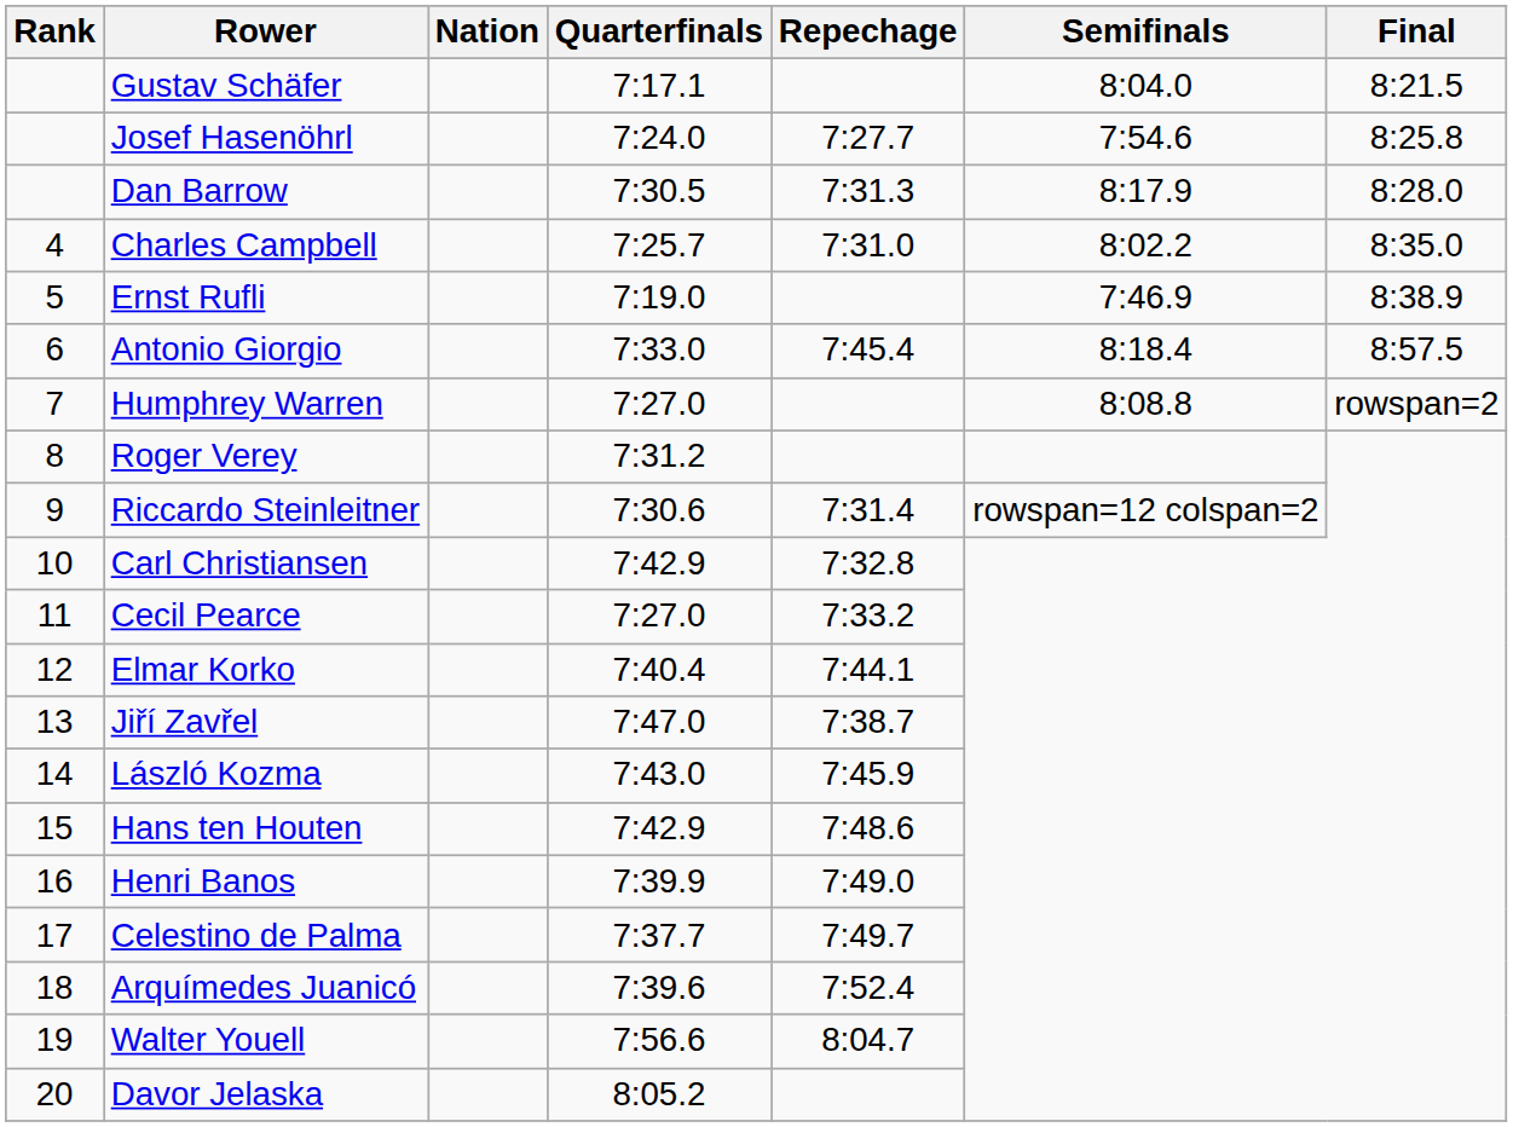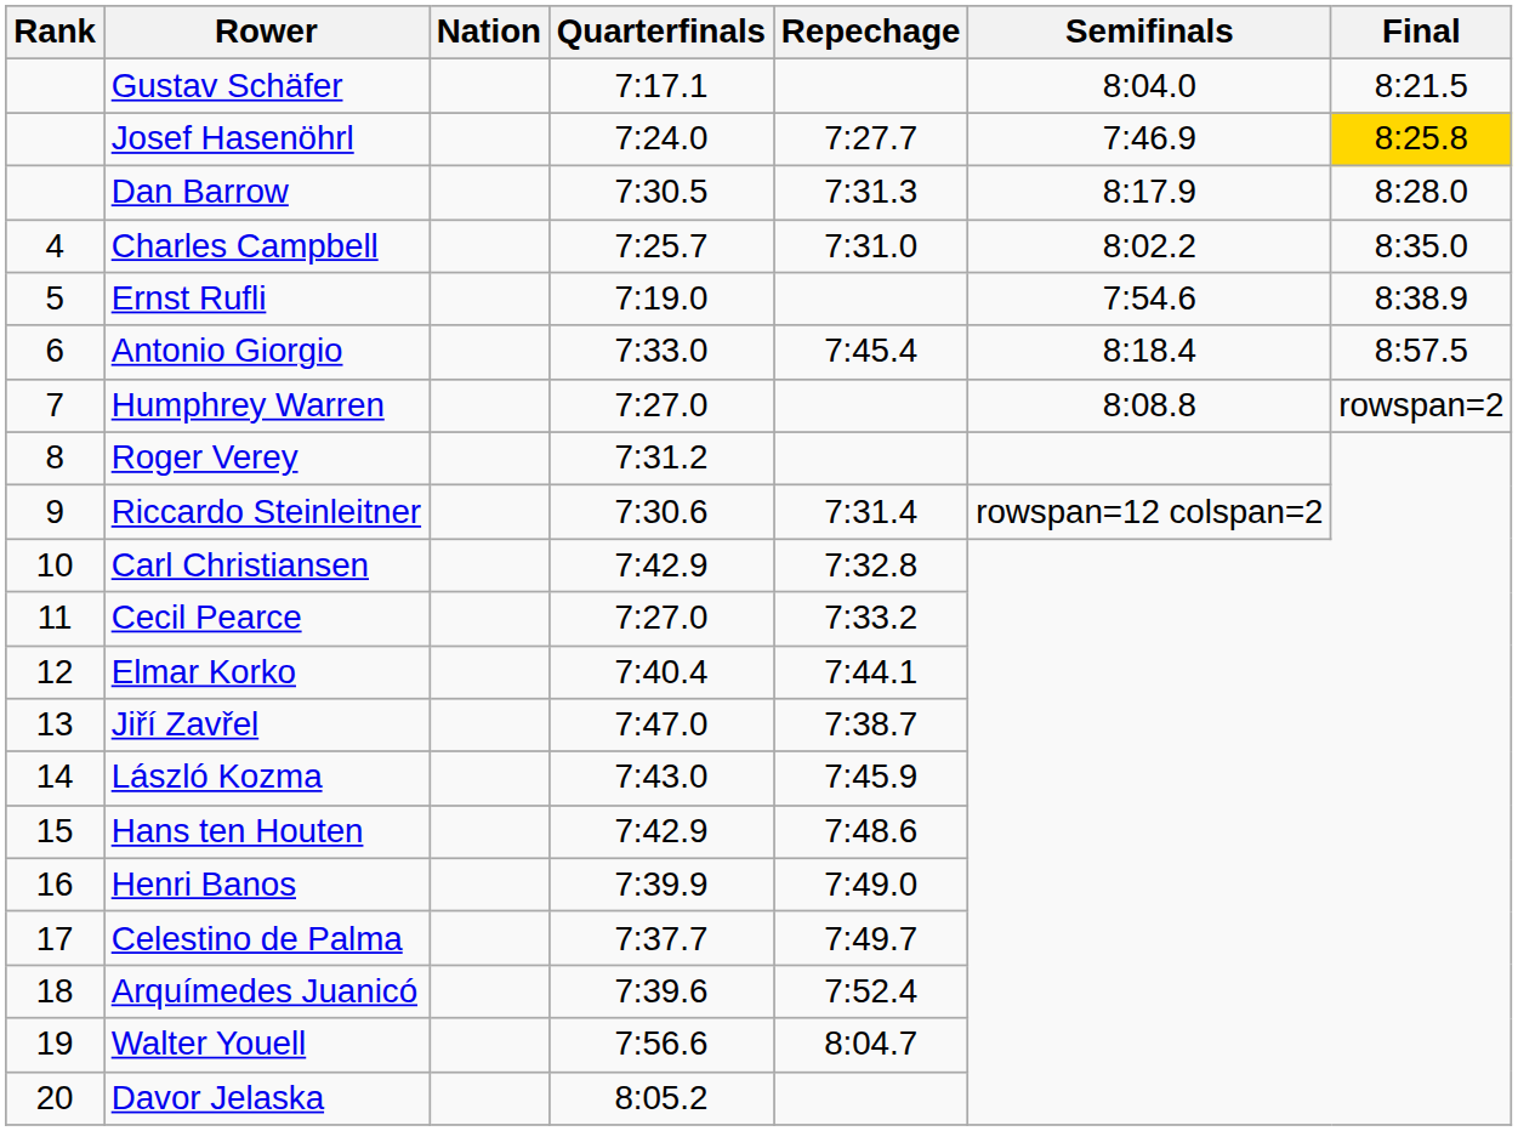 <table class="wikitable sortable" style="text-align:center">
 <tr>
 <th>Rank</th>
 <th>Rower</th>
 <th>Nation</th>
 <th>Quarterfinals</th>
 <th>Repechage</th>
 <th>Semifinals</th>
 <th>Final</th>
 </tr>
 <tr>
 <td></td>
 <td align=left><a href='#'>Gustav Schäfer</a></td>
 <td align=left></td>
 <td>7:17.1</td>
 <td></td>
 <td>8:04.0</td>
 <td>8:21.5</td>
 </tr>
 <tr>
 <td></td>
 <td align=left><a href='#'>Josef Hasenöhrl</a></td>
 <td align=left></td>
 <td>7:24.0</td>
 <td>7:27.7</td>
-<td>7:54.6</td>
-<td>8:25.8</td>
+<td>7:46.9</td>
+<td style="background: gold;">8:25.8</td>
 </tr>
 <tr>
 <td></td>
 <td align=left><a href='#'>Dan Barrow</a></td>
 <td align=left></td>
 <td>7:30.5</td>
 <td>7:31.3</td>
 <td>8:17.9</td>
 <td>8:28.0</td>
 </tr>
 <tr>
 <td>4</td>
 <td align=left><a href='#'>Charles Campbell</a></td>
 <td align=left></td>
 <td>7:25.7</td>
 <td>7:31.0</td>
 <td>8:02.2</td>
 <td>8:35.0</td>
 </tr>
 <tr>
 <td>5</td>
 <td align=left><a href='#'>Ernst Rufli</a></td>
 <td align=left></td>
 <td>7:19.0</td>
 <td></td>
-<td>7:46.9</td>
+<td>7:54.6</td>
 <td>8:38.9</td>
 </tr>
 <tr>
 <td>6</td>
 <td align=left><a href='#'>Antonio Giorgio</a></td>
 <td align=left></td>
 <td>7:33.0</td>
 <td>7:45.4</td>
 <td>8:18.4</td>
 <td>8:57.5</td>
 </tr>
 <tr>
 <td>7</td>
 <td align=left><a href='#'>Humphrey Warren</a></td>
 <td align=left></td>
 <td>7:27.0</td>
 <td></td>
 <td>8:08.8</td>
 <td>rowspan=2 </td>
 </tr>
 <tr>
 <td>8</td>
 <td align=left><a href='#'>Roger Verey</a></td>
 <td align=left></td>
 <td>7:31.2</td>
 <td></td>
 <td data-sort-value=9:99.9></td>
 </tr>
 <tr>
 <td>9</td>
 <td align=left><a href='#'>Riccardo Steinleitner</a></td>
 <td align=left></td>
 <td>7:30.6</td>
 <td>7:31.4</td>
 <td>rowspan=12 colspan=2 </td>
 </tr>
 <tr>
 <td>10</td>
 <td align=left><a href='#'>Carl Christiansen</a></td>
 <td align=left></td>
 <td>7:42.9</td>
 <td>7:32.8</td>
 </tr>
 <tr>
 <td>11</td>
 <td align=left><a href='#'>Cecil Pearce</a></td>
 <td align=left></td>
 <td>7:27.0</td>
 <td>7:33.2</td>
 </tr>
 <tr>
 <td>12</td>
 <td align=left><a href='#'>Elmar Korko</a></td>
 <td align=left></td>
 <td>7:40.4</td>
 <td>7:44.1</td>
 </tr>
 <tr>
 <td>13</td>
 <td align=left><a href='#'>Jiří Zavřel</a></td>
 <td align=left></td>
 <td>7:47.0</td>
 <td>7:38.7</td>
 </tr>
 <tr>
 <td>14</td>
 <td align=left><a href='#'>László Kozma</a></td>
 <td align=left></td>
 <td>7:43.0</td>
 <td>7:45.9</td>
 </tr>
 <tr>
 <td>15</td>
 <td align=left><a href='#'>Hans ten Houten</a></td>
 <td align=left></td>
 <td>7:42.9</td>
 <td>7:48.6</td>
 </tr>
 <tr>
 <td>16</td>
 <td align=left><a href='#'>Henri Banos</a></td>
 <td align=left></td>
 <td>7:39.9</td>
 <td>7:49.0</td>
 </tr>
 <tr>
 <td>17</td>
 <td align=left><a href='#'>Celestino de Palma</a></td>
 <td align=left></td>
 <td>7:37.7</td>
 <td>7:49.7</td>
 </tr>
 <tr>
 <td>18</td>
 <td align=left><a href='#'>Arquímedes Juanicó</a></td>
 <td align=left></td>
 <td>7:39.6</td>
 <td>7:52.4</td>
 </tr>
 <tr>
 <td>19</td>
 <td align=left><a href='#'>Walter Youell</a></td>
 <td align=left></td>
 <td>7:56.6</td>
 <td>8:04.7</td>
 </tr>
 <tr>
 <td>20</td>
 <td align=left><a href='#'>Davor Jelaska</a></td>
 <td align=left></td>
 <td>8:05.2</td>
 <td data-sort-value=9:99.9></td>
 </tr>
 </table>
